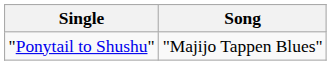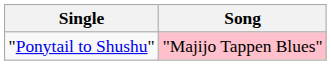 <table class="wikitable">
 <tr>
 <th>Single</th>
 <th>Song</th>
 </tr>
 <tr>
 <td>"<a href='#'>Ponytail to Shushu</a>"</td>
-<td>"Majijo Tappen Blues"</td>
+<td style="background: pink;">"Majijo Tappen Blues"</td>
 </tr>
 </table>
